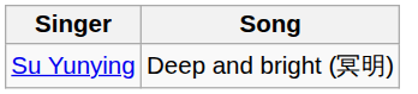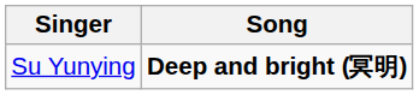 <table class="wikitable">
 <tr>
 <th>Singer</th>
 <th>Song</th>
 </tr>
 <tr>
 <td><a href='#'>Su Yunying</a></td>
-<td>Deep and bright (冥明)</td>
+<td><strong>Deep and bright (冥明)</strong></td>
 </tr>
 </table>
